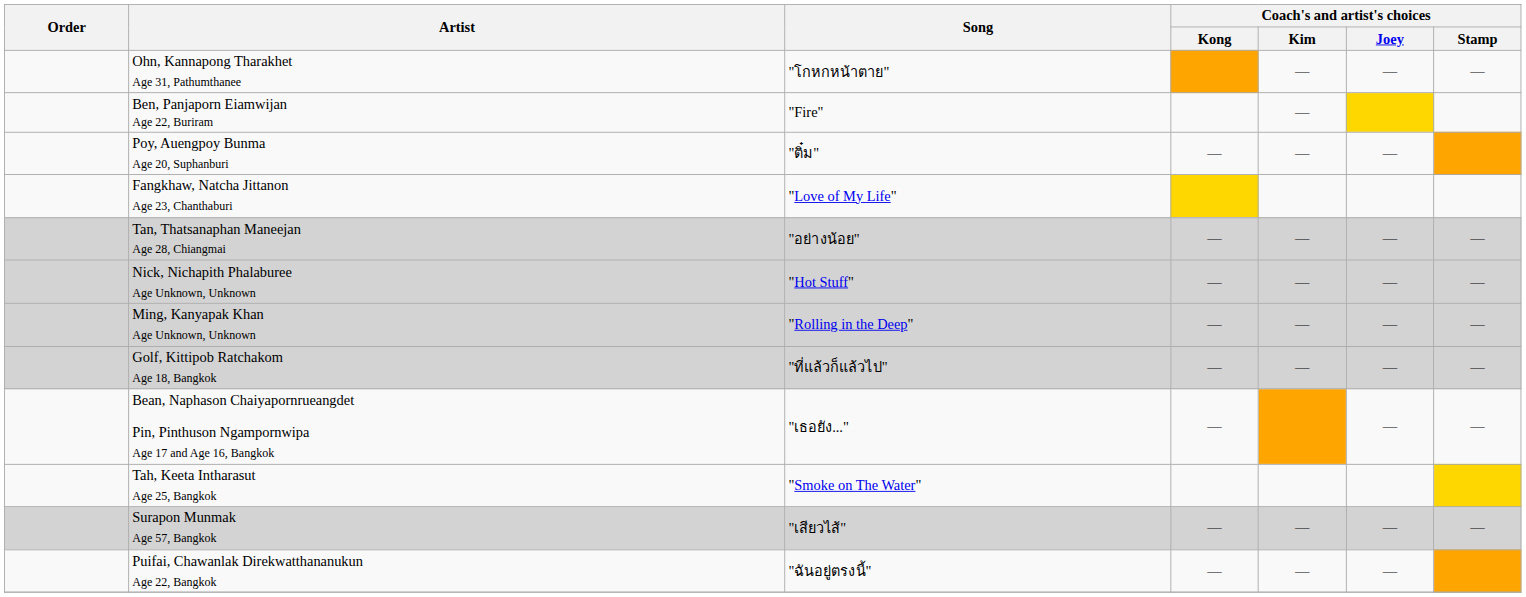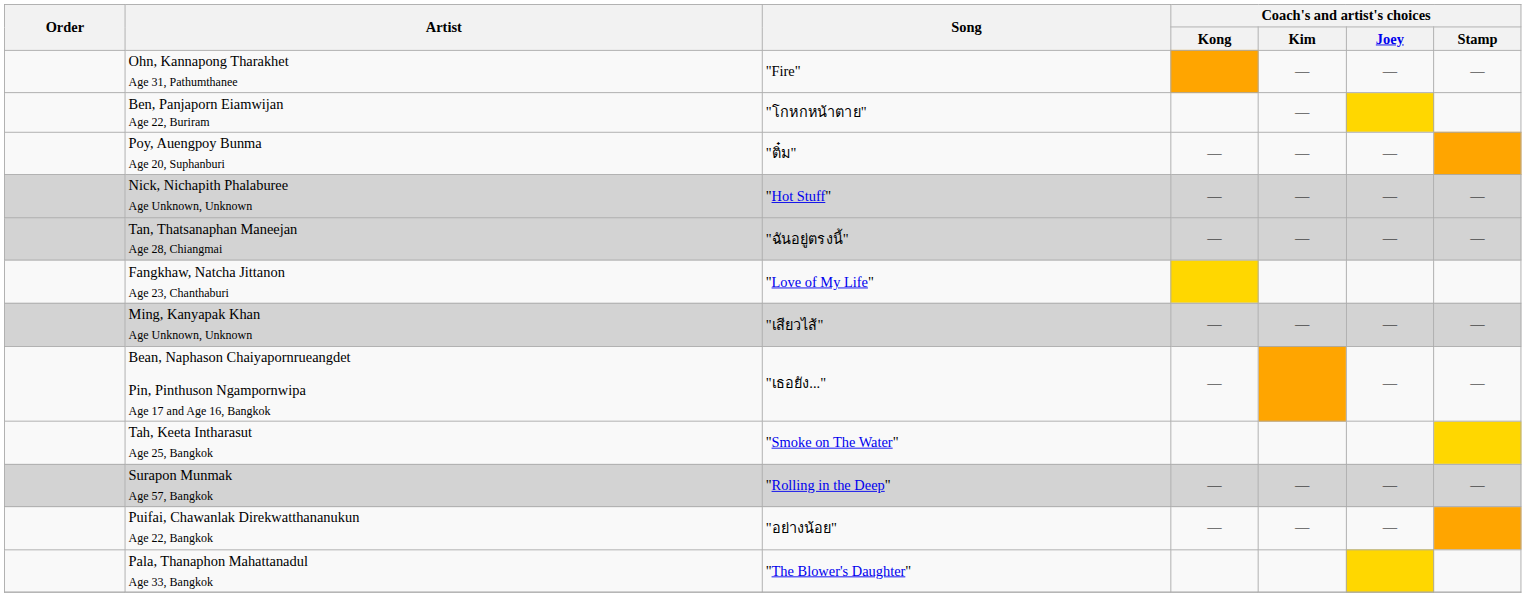 <table class="wikitable" style="width:85%;">
 <tr>
 <th rowspan="2">Order</th>
 <th rowspan="2">Artist</th>
 <th rowspan="2">Song</th>
 <th colspan="4">Coach's and artist's choices</th>
 </tr>
 <tr>
 <th width="90">Kong</th>
 <th width="90">Kim</th>
 <th width="90"><a href='#'>Joey</a></th>
 <th width="90">Stamp</th>
 </tr>
 <tr>
 <td></td>
 <td>Ohn, Kannapong Tharakhet<br><sub>Age 31, Pathumthanee</sub></td>
-<td>"โกหกหน้าตาย"</td>
+<td>"Fire"</td>
 <td style = "background:orange;text-align:center;"><strong></strong></td>
 <td style = "text-align:center;">—</td>
 <td style = "text-align:center;">—</td>
 <td style = "text-align:center;">—</td>
 </tr>
 <tr>
 <td></td>
 <td>Ben, Panjaporn Eiamwijan<br><small>Age 22, Buriram</small></td>
-<td>"Fire"</td>
+<td>"โกหกหน้าตาย"</td>
 <td style = "text-align:center;"><strong></strong></td>
 <td style = "text-align:center;">—</td>
 <td style = "background:gold;text-align:center;"><strong></strong></td>
 <td style = "text-align:center;"><strong></strong></td>
 </tr>
 <tr>
 <td></td>
 <td>Poy, Auengpoy Bunma<br><sub>Age 20, Suphanburi</sub></td>
 <td>"ติ๋ม"</td>
 <td style = "text-align:center;">—</td>
 <td style = "text-align:center;">—</td>
 <td style = "text-align:center;">—</td>
 <td style = "background:orange;text-align:center;"></td>
 </tr>
+<tr bgcolor=lightgrey>
+<td></td>
+<td>Nick, Nichapith Phalaburee<br><sub>Age Unknown, Unknown </sub></td>
+<td>"<a href='#'>Hot Stuff</a>"</td>
+<td style = "text-align:center;">—</td>
+<td style = "text-align:center;">—</td>
+<td style = "text-align:center;">—</td>
+<td style = "text-align:center;">—</td>
+</tr>
+<tr bgcolor=lightgrey>
+<td></td>
+<td>Tan, Thatsanaphan Maneejan<br><sub>Age 28, Chiangmai</sub></td>
+<td>"ฉันอยู่ตรงนี้"</td>
+<td style = "text-align:center;">—</td>
+<td style = "text-align:center;">—</td>
+<td style = "text-align:center;">—</td>
+<td style = "text-align:center;">—</td>
+</tr>
 <tr>
 <td></td>
 <td>Fangkhaw, Natcha Jittanon<br><sub>Age 23, Chanthaburi</sub></td>
 <td>"<a href='#'>Love of My Life</a>"</td>
 <td style = "background:gold;text-align:center;"><strong></strong></td>
 <td style = "text-align:center;"><strong></strong></td>
 <td style = "text-align:center;"><strong></strong></td>
 <td style = "text-align:center;"><strong></strong></td>
 </tr>
 <tr bgcolor=lightgrey>
 <td></td>
-<td>Tan, Thatsanaphan Maneejan<br><sub>Age 28, Chiangmai</sub></td>
-<td>"อย่างน้อย"</td>
-<td style = "text-align:center;">—</td>
-<td style = "text-align:center;">—</td>
-<td style = "text-align:center;">—</td>
-<td style = "text-align:center;">—</td>
-</tr>
-<tr bgcolor=lightgrey>
-<td></td>
-<td>Nick, Nichapith Phalaburee<br><sub>Age Unknown, Unknown </sub></td>
-<td>"<a href='#'>Hot Stuff</a>"</td>
-<td style = "text-align:center;">—</td>
-<td style = "text-align:center;">—</td>
-<td style = "text-align:center;">—</td>
-<td style = "text-align:center;">—</td>
-</tr>
-<tr bgcolor=lightgrey>
-<td></td>
 <td>Ming, Kanyapak Khan<br><sub>Age Unknown, Unknown</sub></td>
-<td>"<a href='#'>Rolling in the Deep</a>"</td>
-<td style = "text-align:center;">—</td>
-<td style = "text-align:center;">—</td>
-<td style = "text-align:center;">—</td>
-<td style = "text-align:center;">—</td>
-</tr>
-<tr bgcolor=lightgrey>
-<td></td>
-<td>Golf, Kittipob Ratchakom<br><sub>Age 18, Bangkok</sub></td>
-<td>"ที่แล้วก็แล้วไป"</td>
+<td>"เสียวไส้"</td>
 <td style = "text-align:center;">—</td>
 <td style = "text-align:center;">—</td>
 <td style = "text-align:center;">—</td>
 <td style = "text-align:center;">—</td>
 </tr>
 <tr>
 <td></td>
 <td>Bean, Naphason Chaiyapornrueangdet <br><br>Pin, Pinthuson Ngampornwipa<br> <sub>Age 17 and Age 16, Bangkok </sub></td>
 <td>"เธอยัง..."</td>
 <td style = "text-align:center;">—</td>
 <td style = "background:orange;text-align:center;"><strong></strong></td>
 <td style = "text-align:center;">—</td>
 <td style = "text-align:center;">—</td>
 </tr>
 <tr>
 <td></td>
 <td>Tah, Keeta Intharasut<br><sub>Age 25, Bangkok</sub></td>
 <td>"<a href='#'>Smoke on The Water</a>"</td>
 <td style = "text-align:center;"><strong></strong></td>
 <td style = "text-align:center;"><strong></strong></td>
 <td style = "text-align:center;"><strong></strong></td>
 <td style = "background:gold;text-align:center;"><strong></strong></td>
 </tr>
 <tr bgcolor=lightgrey>
 <td></td>
 <td>Surapon Munmak<br><sub>Age 57, Bangkok</sub></td>
-<td>"เสียวไส้"</td>
+<td>"<a href='#'>Rolling in the Deep</a>"</td>
 <td style = "text-align:center;">—</td>
 <td style = "text-align:center;">—</td>
 <td style = "text-align:center;">—</td>
 <td style = "text-align:center;">—</td>
 </tr>
 <tr>
 <td></td>
 <td>Puifai, Chawanlak Direkwatthananukun<br><sub>Age 22, Bangkok</sub></td>
-<td>"ฉันอยู่ตรงนี้"</td>
+<td>"อย่างน้อย"</td>
 <td style = "text-align:center;">—</td>
 <td style = "text-align:center;">—</td>
 <td style = "text-align:center;">—</td>
 <td style = "background:orange;text-align:center;"><strong></strong></td>
 </tr>
+<tr>
+<td></td>
+<td>Pala, Thanaphon Mahattanadul<br><sub>Age 33, Bangkok</sub></td>
+<td>"<a href='#'>The Blower's Daughter</a>"</td>
+<td style = "text-align:center;"><strong></strong></td>
+<td style = "text-align:center;"><strong></strong></td>
+<td style = "background:gold;text-align:center;"><strong></strong></td>
+<td style = "text-align:center;"><strong></strong></td>
+</tr>
 <tr bgcolor=lightgrey>
 </tr>
 </table>
